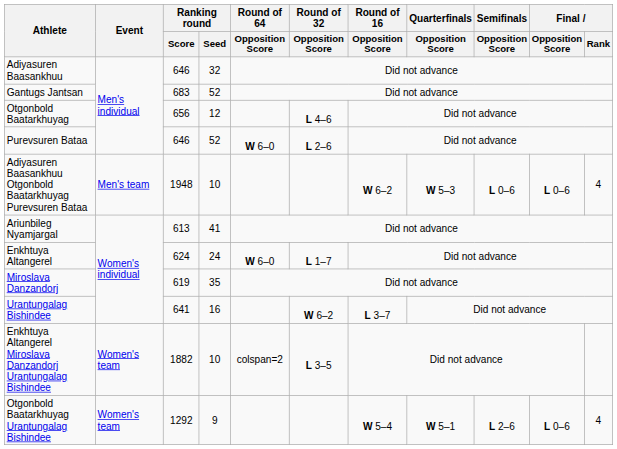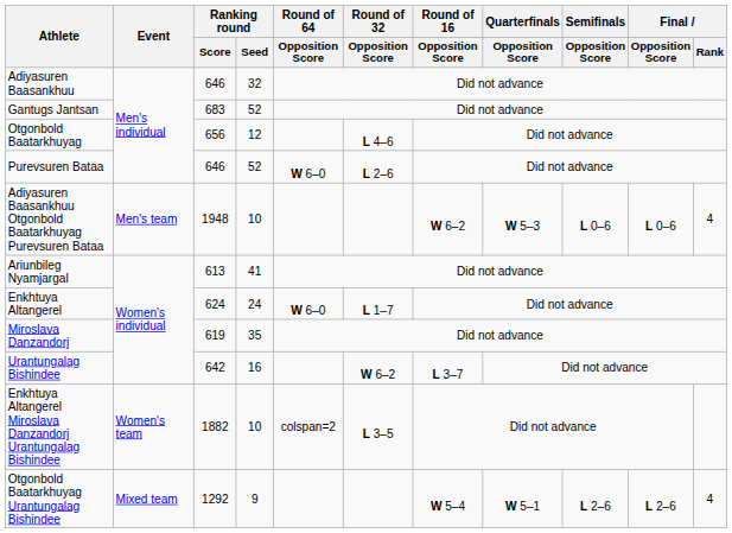 <table class="wikitable" style="font-size:90%; text-align:center;">
 <tr>
 <th rowspan="2">Athlete</th>
 <th rowspan="2">Event</th>
 <th colspan="2">Ranking round</th>
 <th>Round of 64</th>
 <th>Round of 32</th>
 <th>Round of 16</th>
 <th>Quarterfinals</th>
 <th>Semifinals</th>
 <th colspan=2>Final / </th>
 </tr>
 <tr style=font-size:95%>
 <th>Score</th>
 <th>Seed</th>
 <th>Opposition<br>Score</th>
 <th>Opposition<br>Score</th>
 <th>Opposition<br>Score</th>
 <th>Opposition<br>Score</th>
 <th>Opposition<br>Score</th>
 <th>Opposition<br>Score</th>
 <th>Rank</th>
 </tr>
 <tr>
 <td align=left>Adiyasuren Baasankhuu</td>
 <td align=left rowspan=4><a href='#'>Men's individual</a></td>
 <td>646</td>
 <td>32</td>
 <td colspan=7>Did not advance</td>
 </tr>
 <tr>
 <td align=left>Gantugs Jantsan</td>
 <td>683</td>
 <td>52</td>
 <td colspan=7>Did not advance</td>
 </tr>
 <tr>
 <td align=left>Otgonbold Baatarkhuyag</td>
 <td>656</td>
 <td>12</td>
 <td></td>
 <td><br><strong>L</strong> 4–6</td>
 <td colspan=5>Did not advance</td>
 </tr>
 <tr>
 <td align=left>Purevsuren Bataa</td>
 <td>646</td>
 <td>52</td>
 <td><br><strong>W</strong> 6–0</td>
 <td><br><strong>L</strong> 2–6</td>
 <td colspan=5>Did not advance</td>
 </tr>
 <tr>
 <td align=left>Adiyasuren Baasankhuu<br>Otgonbold Baatarkhuyag<br>Purevsuren Bataa</td>
 <td align=left><a href='#'>Men's team</a></td>
 <td>1948</td>
 <td>10</td>
 <td></td>
 <td></td>
 <td><br><strong>W</strong> 6–2</td>
 <td><br><strong>W</strong> 5–3</td>
 <td><br><strong>L</strong> 0–6</td>
 <td><br><strong>L</strong> 0–6</td>
 <td>4</td>
 </tr>
 <tr>
 <td align=left>Ariunbileg Nyamjargal</td>
 <td align=left rowspan=4><a href='#'>Women's individual</a></td>
 <td>613</td>
 <td>41</td>
 <td colspan=7>Did not advance</td>
 </tr>
 <tr>
 <td align=left>Enkhtuya Altangerel</td>
 <td>624</td>
 <td>24</td>
 <td><br><strong>W</strong> 6–0</td>
 <td><br><strong>L</strong> 1–7</td>
 <td colspan=5>Did not advance</td>
 </tr>
 <tr>
 <td align=left><a href='#'>Miroslava Danzandorj</a></td>
 <td>619</td>
 <td>35</td>
 <td colspan=7>Did not advance</td>
 </tr>
 <tr>
 <td align=left><a href='#'>Urantungalag Bishindee</a></td>
-<td>641</td>
+<td>642</td>
 <td>16</td>
 <td></td>
 <td><br><strong>W</strong> 6–2</td>
 <td><br><strong>L</strong> 3–7</td>
 <td colspan=4>Did not advance</td>
 </tr>
 <tr>
 <td align=left>Enkhtuya Altangerel<br><a href='#'>Miroslava Danzandorj</a><br><a href='#'>Urantungalag Bishindee</a></td>
 <td align=left><a href='#'>Women's team</a></td>
 <td>1882</td>
 <td>10</td>
 <td>colspan=2</td>
 <td><br><strong>L</strong> 3–5</td>
 <td colspan=4>Did not advance</td>
 </tr>
 <tr>
 <td align=left>Otgonbold Baatarkhuyag<br><a href='#'>Urantungalag Bishindee</a></td>
-<td align=left><a href='#'>Women's team</a></td>
+<td align=left><a href='#'>Mixed team</a></td>
 <td>1292</td>
 <td>9</td>
 <td></td>
 <td></td>
 <td><br><strong>W</strong> 5–4</td>
 <td><br><strong>W</strong> 5–1</td>
 <td><br><strong>L</strong> 2–6</td>
-<td><br><strong>L</strong> 0–6</td>
+<td><br><strong>L</strong> 2–6</td>
 <td>4</td>
 </tr>
 </table>
